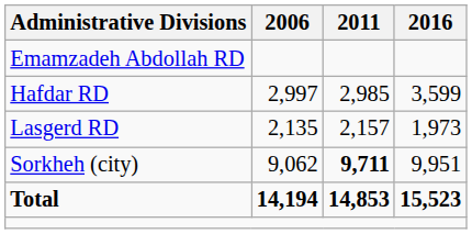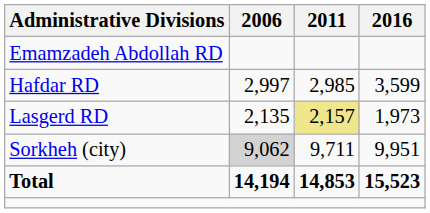 <table class="wikitable">
 <tr>
 <th>Administrative Divisions</th>
 <th>2006</th>
 <th>2011</th>
 <th>2016</th>
 </tr>
 <tr>
 <td><a href='#'>Emamzadeh Abdollah RD</a></td>
 <td style="text-align: right;"></td>
 <td style="text-align: right;"></td>
 <td style="text-align: right;"></td>
 </tr>
 <tr>
 <td><a href='#'>Hafdar RD</a></td>
 <td style="text-align: right;">2,997</td>
 <td style="text-align: right;">2,985</td>
 <td style="text-align: right;">3,599</td>
 </tr>
 <tr>
 <td><a href='#'>Lasgerd RD</a></td>
 <td style="text-align: right;">2,135</td>
-<td style="text-align: right;">2,157</td>
+<td style="background: khaki; text-align: right;">2,157</td>
 <td style="text-align: right;">1,973</td>
 </tr>
 <tr>
 <td><a href='#'>Sorkheh</a> (city)</td>
-<td style="text-align: right;">9,062</td>
-<td style="text-align: right;"><strong>9,711</strong></td>
+<td style="background: lightgrey; text-align: right;">9,062</td>
+<td style="text-align: right;">9,711</td>
 <td style="text-align: right;">9,951</td>
 </tr>
 <tr>
 <td><strong>Total</strong></td>
 <td style="text-align: right;"><strong>14,194</strong></td>
 <td style="text-align: right;"><strong>14,853</strong></td>
 <td style="text-align: right;"><strong>15,523</strong></td>
 </tr>
 <tr>
 <td colspan=4></td>
 </tr>
 </table>
